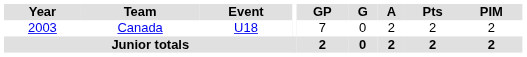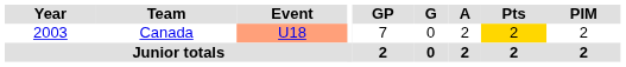 <table border="0" cellpadding="1" cellspacing="0" ID="Table3" style="text-align:center; width:40em">
 <tr bgcolor="#e0e0e0">
 <th>Year</th>
 <th>Team</th>
 <th>Event</th>
 <th rowspan="102" bgcolor="#ffffff"></th>
 <th>GP</th>
 <th>G</th>
 <th>A</th>
 <th>Pts</th>
 <th>PIM</th>
 </tr>
 <tr>
 <td><a href='#'>2003</a></td>
 <td><a href='#'>Canada</a></td>
-<td><a href='#'>U18</a></td>
+<td style="background: lightsalmon;"><a href='#'>U18</a></td>
 <td>7</td>
 <td>0</td>
 <td>2</td>
-<td>2</td>
+<td style="background: gold;">2</td>
 <td>2</td>
 </tr>
 <tr bgcolor="#e0e0e0">
 <th colspan="4">Junior totals</th>
 <th>2</th>
 <th>0</th>
 <th>2</th>
 <th>2</th>
 <th>2</th>
 </tr>
 </table>
